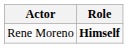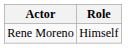 <table class="wikitable" border="1">
 <tr>
 <th><strong>Actor</strong></th>
 <th><strong>Role</strong></th>
 </tr>
 <tr>
 <td>Rene Moreno</td>
-<td><strong>Himself</strong></td>
+<td>Himself</td>
 </tr>
 </table>
